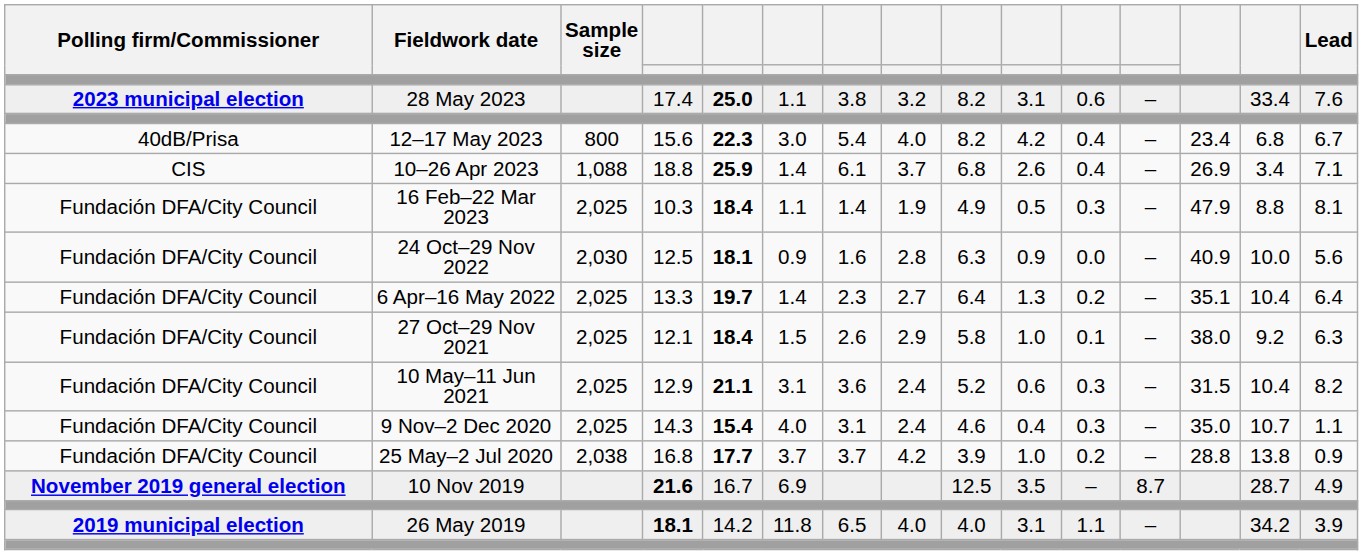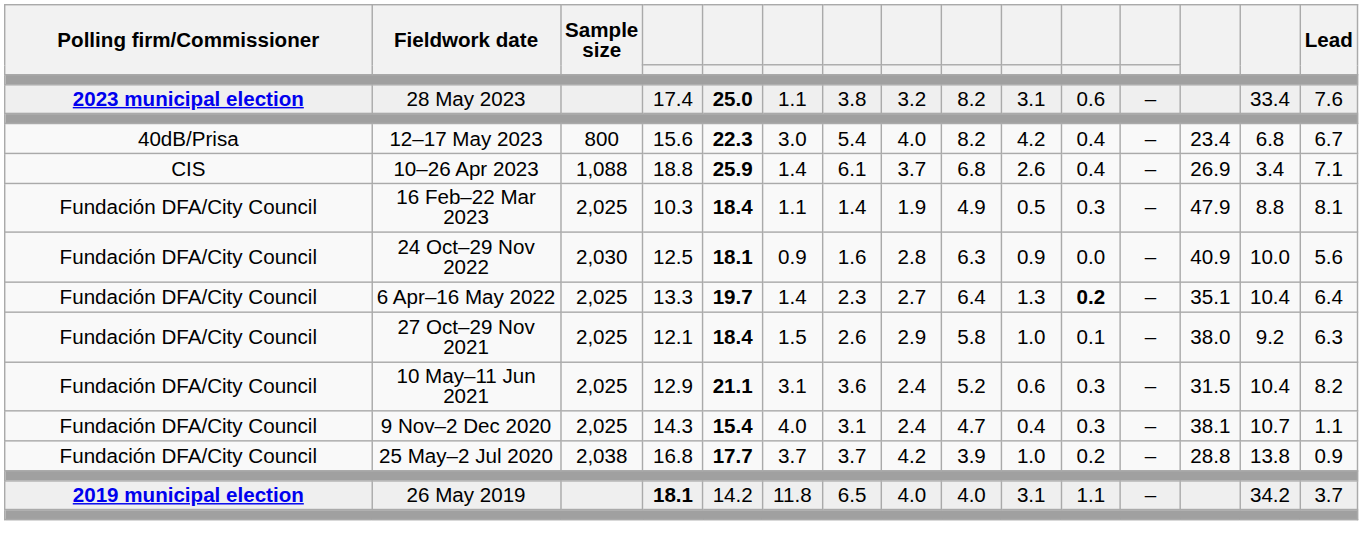 <table class="wikitable collapsible collapsed" style="text-align:center; font-size:90%; line-height:14px;">
 <tr style="height:42px;">
 <th style="width:250px;" rowspan="2">Polling firm/Commissioner</th>
 <th style="width:125px;" rowspan="2">Fieldwork date</th>
 <th style="width:50px;" rowspan="2">Sample size</th>
 <th style="width:35px;"></th>
 <th style="width:35px;"></th>
 <th style="width:35px;"></th>
 <th style="width:35px;"></th>
 <th style="width:35px;"></th>
 <th style="width:35px;"></th>
 <th style="width:35px;"></th>
 <th style="width:35px;"></th>
 <th style="width:35px;"></th>
 <th style="width:35px;" rowspan="2"></th>
 <th style="width:35px;" rowspan="2"></th>
 <th style="width:30px;" rowspan="2">Lead</th>
 </tr>
 <tr>
 <th style="color:inherit;background:"></th>
 <th style="color:inherit;background:"></th>
 <th style="color:inherit;background:"></th>
 <th style="color:inherit;background:"></th>
 <th style="color:inherit;background:"></th>
 <th style="color:inherit;background:"></th>
 <th style="color:inherit;background:"></th>
 <th style="color:inherit;background:"></th>
 <th style="color:inherit;background:"></th>
 </tr>
 <tr>
 <td colspan="15" style="background:#A0A0A0"></td>
 </tr>
 <tr style="background:#EFEFEF;">
 <td><strong><a href='#'>2023 municipal election</a></strong></td>
 <td>28 May 2023</td>
 <td></td>
 <td>17.4</td>
 <td><strong>25.0</strong></td>
 <td>1.1</td>
 <td>3.8</td>
 <td>3.2</td>
 <td>8.2</td>
 <td>3.1</td>
 <td>0.6</td>
 <td>–</td>
 <td></td>
 <td>33.4</td>
 <td style="background:">7.6</td>
 </tr>
 <tr>
 <td colspan="15" style="background:#A0A0A0"></td>
 </tr>
 <tr>
 <td>40dB/Prisa</td>
 <td>12–17 May 2023</td>
 <td>800</td>
 <td>15.6</td>
 <td><strong>22.3</strong></td>
 <td>3.0</td>
 <td>5.4</td>
 <td>4.0</td>
 <td>8.2</td>
 <td>4.2</td>
 <td>0.4</td>
 <td>–</td>
 <td>23.4</td>
 <td>6.8</td>
 <td style="background:">6.7</td>
 </tr>
 <tr>
 <td>CIS</td>
 <td>10–26 Apr 2023</td>
 <td>1,088</td>
 <td>18.8</td>
 <td><strong>25.9</strong></td>
 <td>1.4</td>
 <td>6.1</td>
 <td>3.7</td>
 <td>6.8</td>
 <td>2.6</td>
 <td>0.4</td>
 <td>–</td>
 <td>26.9</td>
 <td>3.4</td>
 <td style="background:">7.1</td>
 </tr>
 <tr>
 <td>Fundación DFA/City Council</td>
 <td>16 Feb–22 Mar 2023</td>
 <td>2,025</td>
 <td>10.3</td>
 <td><strong>18.4</strong></td>
 <td>1.1</td>
 <td>1.4</td>
 <td>1.9</td>
 <td>4.9</td>
 <td>0.5</td>
 <td>0.3</td>
 <td>–</td>
 <td>47.9</td>
 <td>8.8</td>
 <td style="background:">8.1</td>
 </tr>
 <tr>
 <td>Fundación DFA/City Council</td>
 <td>24 Oct–29 Nov 2022</td>
 <td>2,030</td>
 <td>12.5</td>
 <td><strong>18.1</strong></td>
 <td>0.9</td>
 <td>1.6</td>
 <td>2.8</td>
 <td>6.3</td>
 <td>0.9</td>
 <td>0.0</td>
 <td>–</td>
 <td>40.9</td>
 <td>10.0</td>
 <td style="background:">5.6</td>
 </tr>
 <tr>
 <td>Fundación DFA/City Council</td>
 <td>6 Apr–16 May 2022</td>
 <td>2,025</td>
 <td>13.3</td>
 <td><strong>19.7</strong></td>
 <td>1.4</td>
 <td>2.3</td>
 <td>2.7</td>
 <td>6.4</td>
 <td>1.3</td>
-<td>0.2</td>
+<td><strong>0.2</strong></td>
 <td>–</td>
 <td>35.1</td>
 <td>10.4</td>
 <td style="background:">6.4</td>
 </tr>
 <tr>
 <td>Fundación DFA/City Council</td>
 <td>27 Oct–29 Nov 2021</td>
 <td>2,025</td>
 <td>12.1</td>
 <td><strong>18.4</strong></td>
 <td>1.5</td>
 <td>2.6</td>
 <td>2.9</td>
 <td>5.8</td>
 <td>1.0</td>
 <td>0.1</td>
 <td>–</td>
 <td>38.0</td>
 <td>9.2</td>
 <td style="background:">6.3</td>
 </tr>
 <tr>
 <td>Fundación DFA/City Council</td>
 <td>10 May–11 Jun 2021</td>
 <td>2,025</td>
 <td>12.9</td>
 <td><strong>21.1</strong></td>
 <td>3.1</td>
 <td>3.6</td>
 <td>2.4</td>
 <td>5.2</td>
 <td>0.6</td>
 <td>0.3</td>
 <td>–</td>
 <td>31.5</td>
 <td>10.4</td>
 <td style="background:">8.2</td>
 </tr>
 <tr>
 <td>Fundación DFA/City Council</td>
 <td>9 Nov–2 Dec 2020</td>
 <td>2,025</td>
 <td>14.3</td>
 <td><strong>15.4</strong></td>
 <td>4.0</td>
 <td>3.1</td>
 <td>2.4</td>
-<td>4.6</td>
+<td>4.7</td>
 <td>0.4</td>
 <td>0.3</td>
 <td>–</td>
-<td>35.0</td>
+<td>38.1</td>
 <td>10.7</td>
 <td style="background:">1.1</td>
 </tr>
 <tr>
 <td>Fundación DFA/City Council</td>
 <td>25 May–2 Jul 2020</td>
 <td>2,038</td>
 <td>16.8</td>
 <td><strong>17.7</strong></td>
 <td>3.7</td>
 <td>3.7</td>
 <td>4.2</td>
 <td>3.9</td>
 <td>1.0</td>
 <td>0.2</td>
 <td>–</td>
 <td>28.8</td>
 <td>13.8</td>
 <td style="background:">0.9</td>
 </tr>
-<tr style="background:#EFEFEF;">
-<td><strong><a href='#'>November 2019 general election</a></strong></td>
-<td>10 Nov 2019</td>
-<td></td>
-<td><strong>21.6</strong></td>
-<td>16.7</td>
-<td>6.9</td>
-<td></td>
-<td></td>
-<td>12.5</td>
-<td>3.5</td>
-<td>–</td>
-<td>8.7</td>
-<td></td>
-<td>28.7</td>
-<td style="background:">4.9</td>
-</tr>
 <tr>
 <td colspan="15" style="background:#A0A0A0"></td>
 </tr>
 <tr style="background:#EFEFEF;">
 <td><strong><a href='#'>2019 municipal election</a></strong></td>
 <td>26 May 2019</td>
 <td></td>
 <td><strong>18.1</strong></td>
 <td>14.2</td>
 <td>11.8</td>
 <td>6.5</td>
 <td>4.0</td>
 <td>4.0</td>
 <td>3.1</td>
 <td>1.1</td>
 <td>–</td>
 <td></td>
 <td>34.2</td>
-<td style="background:">3.9</td>
+<td style="background:">3.7</td>
 </tr>
 <tr>
 <td colspan="15" style="background:#A0A0A0"></td>
 </tr>
 </table>
